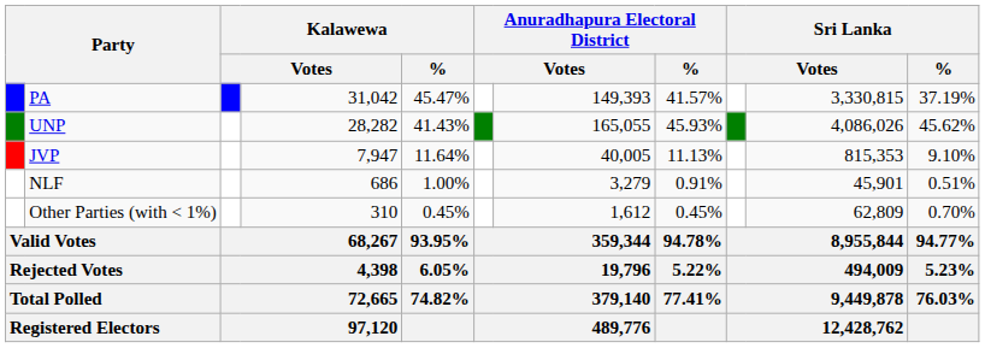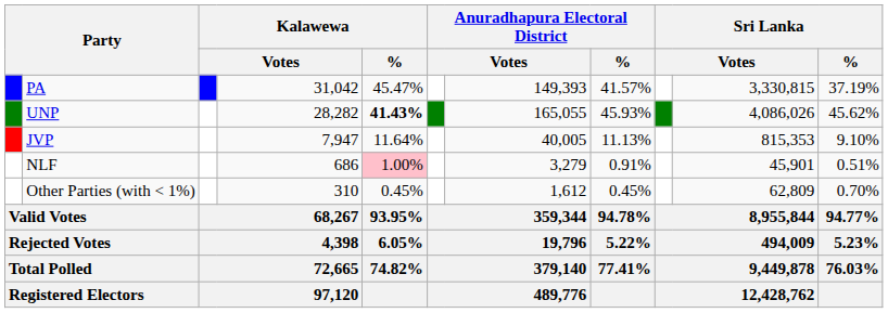 <table class="wikitable">
 <tr>
 <th colspan="2" width="144px"rowspan="2">Party</th>
 <th colspan="3" width="216px">Kalawewa</th>
 <th colspan="3" width="216px"><a href='#'>Anuradhapura Electoral District</a></th>
 <th colspan="3" width="216px">Sri Lanka</th>
 </tr>
 <tr>
 <th colspan="2" width="144px">Votes</th>
 <th>%</th>
 <th colspan="2" width="144px">Votes</th>
 <th>%</th>
 <th colspan="2" width="144px">Votes</th>
 <th>%</th>
 </tr>
 <tr>
 <td style="background-color:blue;" width="10px"></td>
 <td style="text-align:left;"><a href='#'>PA</a></td>
 <td style="background-color:blue;" width="10px"></td>
 <td style="text-align:right;">31,042</td>
 <td style="text-align:right;">45.47%</td>
 <td style="background-color:white;" width="10px"></td>
 <td style="text-align:right;">149,393</td>
 <td style="text-align:right;">41.57%</td>
 <td style="background-color:white;" width="10px"></td>
 <td style="text-align:right;">3,330,815</td>
 <td style="text-align:right;">37.19%</td>
 </tr>
 <tr>
 <td style="background-color:green;" width="10px"></td>
 <td style="text-align:left;"><a href='#'>UNP</a></td>
 <td style="background-color:white;" width="10px"></td>
 <td style="text-align:right;">28,282</td>
-<td style="text-align:right;">41.43%</td>
+<td style="text-align:right;"><strong>41.43%</strong></td>
 <td style="background-color:green;" width="10px"></td>
 <td style="text-align:right;">165,055</td>
 <td style="text-align:right;">45.93%</td>
 <td style="background-color:green;" width="10px"></td>
 <td style="text-align:right;">4,086,026</td>
 <td style="text-align:right;">45.62%</td>
 </tr>
 <tr>
 <td style="background-color:red;" width="10px"></td>
 <td style="text-align:left;"><a href='#'>JVP</a></td>
 <td style="background-color:white;" width="10px"></td>
 <td style="text-align:right;">7,947</td>
 <td style="text-align:right;">11.64%</td>
 <td style="background-color:white;" width="10px"></td>
 <td style="text-align:right;">40,005</td>
 <td style="text-align:right;">11.13%</td>
 <td style="background-color:white;" width="10px"></td>
 <td style="text-align:right;">815,353</td>
 <td style="text-align:right;">9.10%</td>
 </tr>
 <tr>
 <td style="background-color:white;" width="10px"></td>
 <td style="text-align:left;">NLF</td>
 <td style="background-color:white;" width="10px"></td>
 <td style="text-align:right;">686</td>
-<td style="text-align:right;">1.00%</td>
+<td style="background: pink; text-align:right;">1.00%</td>
 <td style="background-color:white;" width="10px"></td>
 <td style="text-align:right;">3,279</td>
 <td style="text-align:right;">0.91%</td>
 <td style="background-color:white;" width="10px"></td>
 <td style="text-align:right;">45,901</td>
 <td style="text-align:right;">0.51%</td>
 </tr>
 <tr>
 <td style="background-color:white;" width="10px"></td>
 <td style="text-align:left;">Other Parties (with < 1%)</td>
 <td style="background-color:white;" width="10px"></td>
 <td style="text-align:right;">310</td>
 <td style="text-align:right;">0.45%</td>
 <td style="background-color:white;" width="10px"></td>
 <td style="text-align:right;">1,612</td>
 <td style="text-align:right;">0.45%</td>
 <td style="background-color:white;" width="10px"></td>
 <td style="text-align:right;">62,809</td>
 <td style="text-align:right;">0.70%</td>
 </tr>
 <tr>
 <th colspan="2" width="144px"style="text-align:left;">Valid Votes</th>
 <th style="text-align:right;"colspan="2" width="144px">68,267</th>
 <th style="text-align:right;">93.95%</th>
 <th style="text-align:right;"colspan="2" width="144px">359,344</th>
 <th style="text-align:right;">94.78%</th>
 <th style="text-align:right;"colspan="2" width="144px">8,955,844</th>
 <th style="text-align:right;">94.77%</th>
 </tr>
 <tr>
 <th colspan="2" width="144px"style="text-align:left;">Rejected Votes</th>
 <th style="text-align:right;"colspan="2" width="144px">4,398</th>
 <th style="text-align:right;">6.05%</th>
 <th style="text-align:right;"colspan="2" width="144px">19,796</th>
 <th style="text-align:right;">5.22%</th>
 <th style="text-align:right;"colspan="2" width="144px">494,009</th>
 <th style="text-align:right;">5.23%</th>
 </tr>
 <tr>
 <th colspan="2" width="144px"style="text-align:left;">Total Polled</th>
 <th style="text-align:right;"colspan="2" width="144px">72,665</th>
 <th style="text-align:right;">74.82%</th>
 <th style="text-align:right;"colspan="2" width="144px">379,140</th>
 <th style="text-align:right;">77.41%</th>
 <th style="text-align:right;"colspan="2" width="144px">9,449,878</th>
 <th style="text-align:right;">76.03%</th>
 </tr>
 <tr>
 <th colspan="2" width="144px"style="text-align:left;">Registered Electors</th>
 <th style="text-align:right;"colspan="2" width="144px">97,120</th>
 <th></th>
 <th style="text-align:right;"colspan="2" width="144px">489,776</th>
 <th></th>
 <th style="text-align:right;"colspan="2" width="144px">12,428,762</th>
 <th></th>
 </tr>
 </table>
